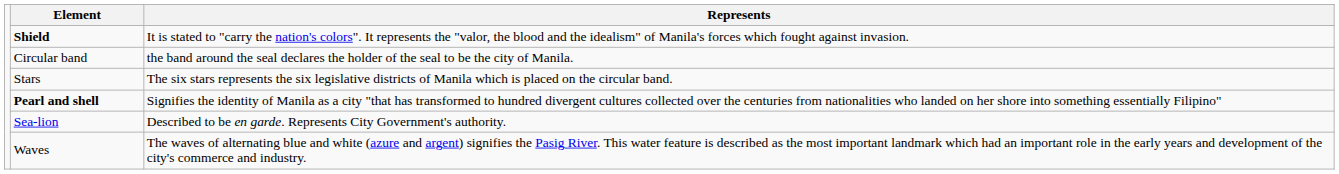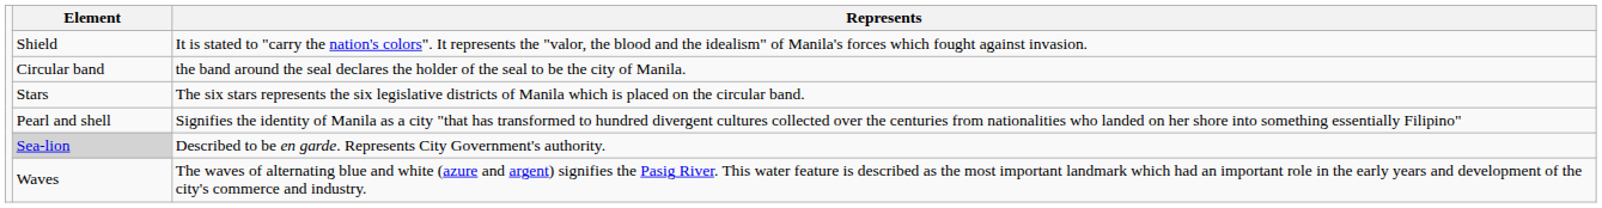 <table class="wikitable" width=100%>
 <tr>
 <td rowspan=7></td>
 <th width=10%>Element</th>
 <th>Represents</th>
 </tr>
 <tr>
-<td><strong>Shield</strong></td>
+<td>Shield</td>
 <td>It is stated to "carry the <a href='#'>nation's colors</a>". It represents the "valor, the blood and the idealism" of Manila's forces which fought against invasion.</td>
 </tr>
 <tr>
 <td>Circular band</td>
 <td>the band around the seal declares the holder of the seal to be the city of Manila.</td>
 </tr>
 <tr>
 <td>Stars</td>
 <td>The six stars represents the six legislative districts of Manila which is placed on the circular band.</td>
 </tr>
 <tr>
-<td><strong>Pearl and shell</strong></td>
+<td>Pearl and shell</td>
 <td>Signifies the identity of Manila as a city "that has transformed to hundred divergent cultures collected over the centuries from nationalities who landed on her shore into something essentially Filipino"</td>
 </tr>
 <tr>
-<td><a href='#'>Sea-lion</a></td>
+<td style="background: lightgrey;"><a href='#'>Sea-lion</a></td>
 <td>Described to be <em>en garde</em>. Represents City Government's authority.</td>
 </tr>
 <tr>
 <td>Waves</td>
 <td>The waves of alternating blue and white (<a href='#'>azure</a> and <a href='#'>argent</a>) signifies the <a href='#'>Pasig River</a>. This water feature is described as the most important landmark which had an important role in the early years and development of the city's commerce and industry.</td>
 </tr>
 </table>
